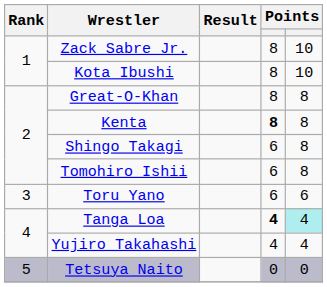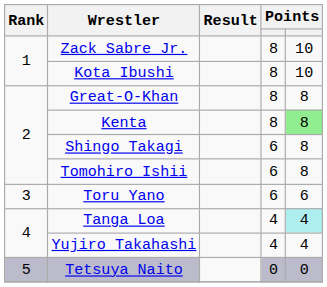 <table class="wikitable mw-collapsible mw-collapsed" plainrowheaders sortable" style="text-align: center">
 <tr>
 <th scope="col" rowspan="2">Rank</th>
 <th scope="col" rowspan="2">Wrestler</th>
 <th scope="col" rowspan="2">Result</th>
 <th scope="col" colspan="2">Points</th>
 </tr>
 <tr>
 <th></th>
 <th></th>
 </tr>
 <tr>
 <td rowspan="2">1</td>
 <td><a href='#'>Zack Sabre Jr.</a></td>
 <td></td>
 <td>8</td>
 <td>10</td>
 </tr>
 <tr>
 <td><a href='#'>Kota Ibushi</a></td>
 <td></td>
 <td>8</td>
 <td>10</td>
 </tr>
 <tr>
 <td rowspan="4">2</td>
 <td><a href='#'>Great-O-Khan</a></td>
 <td></td>
 <td>8</td>
 <td>8</td>
 </tr>
 <tr>
 <td><a href='#'>Kenta</a></td>
 <td></td>
-<td><strong>8</strong></td>
 <td>8</td>
+<td style="background: lightgreen;">8</td>
 </tr>
 <tr>
 <td><a href='#'>Shingo Takagi</a></td>
 <td></td>
 <td>6</td>
 <td>8</td>
 </tr>
 <tr>
 <td><a href='#'>Tomohiro Ishii</a></td>
 <td></td>
 <td>6</td>
 <td>8</td>
 </tr>
 <tr>
 <td>3</td>
 <td><a href='#'>Toru Yano</a></td>
 <td></td>
 <td>6</td>
 <td>6</td>
 </tr>
 <tr>
 <td rowspan="2">4</td>
 <td><a href='#'>Tanga Loa</a></td>
 <td></td>
-<td><strong>4</strong></td>
+<td>4</td>
 <td style="background: paleturquoise;">4</td>
 </tr>
 <tr>
 <td><a href='#'>Yujiro Takahashi</a></td>
 <td></td>
 <td>4</td>
 <td>4</td>
 </tr>
 <tr>
 <td style="background: #BBBBCC;">5</td>
 <td style="background: #BBBBCC;"><a href='#'>Tetsuya Naito</a></td>
 <td></td>
 <td style="background: #BBBBCC;">0</td>
 <td style="background: #BBBBCC;">0</td>
 </tr>
 <tr>
 </tr>
 </table>
